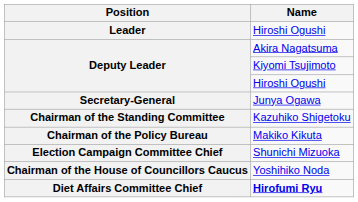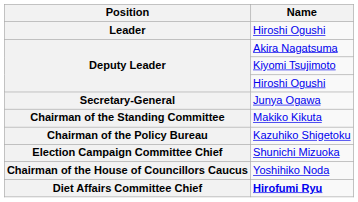 <table class="wikitable sortable">
 <tr>
 <th scope="col">Position</th>
 <th scope="col">Name</th>
 </tr>
 <tr>
 <th>Leader</th>
 <td><a href='#'>Hiroshi Ogushi</a></td>
 </tr>
 <tr>
 <th rowspan=3>Deputy Leader</th>
 <td><a href='#'>Akira Nagatsuma</a></td>
 </tr>
 <tr>
 <td><a href='#'>Kiyomi Tsujimoto</a></td>
 </tr>
 <tr>
 <td><a href='#'>Hiroshi Ogushi</a></td>
 </tr>
 <tr>
 <th>Secretary-General</th>
 <td><a href='#'>Junya Ogawa</a></td>
 </tr>
 <tr>
 <th>Chairman of the Standing Committee</th>
-<td><a href='#'>Kazuhiko Shigetoku</a></td>
+<td><a href='#'>Makiko Kikuta</a></td>
 </tr>
 <tr>
 <th>Chairman of the Policy Bureau</th>
-<td><a href='#'>Makiko Kikuta</a></td>
+<td><a href='#'>Kazuhiko Shigetoku</a></td>
 </tr>
 <tr>
 <th>Election Campaign Committee Chief</th>
 <td><a href='#'>Shunichi Mizuoka</a></td>
 </tr>
 <tr>
 <th>Chairman of the House of Councillors Caucus</th>
 <td><a href='#'>Yoshihiko Noda</a></td>
 </tr>
 <tr>
 <th>Diet Affairs Committee Chief</th>
 <td><strong><a href='#'>Hirofumi Ryu</a></strong></td>
 </tr>
 </table>
